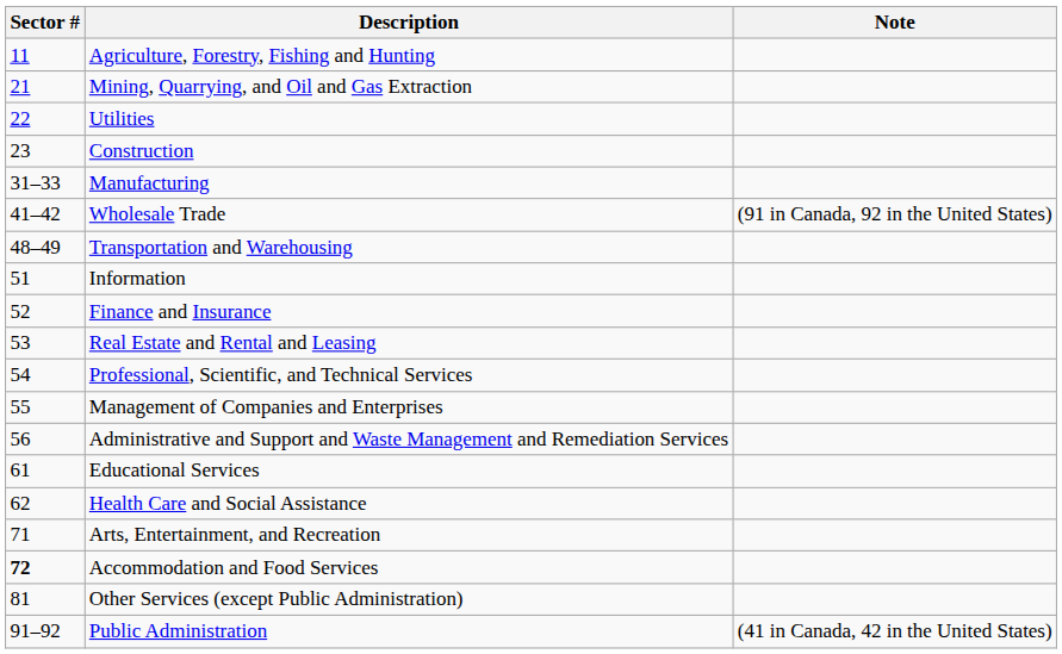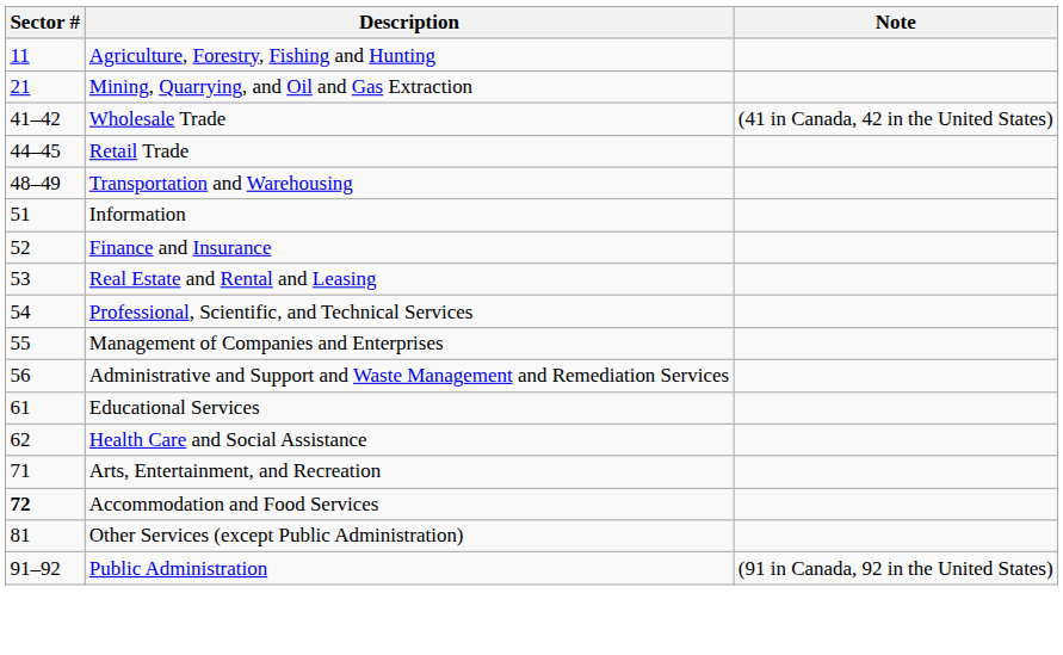 <table class="wikitable" style="display: inline-table;">
 <tr>
 <th>Sector #</th>
 <th>Description</th>
 <th>Note</th>
 </tr>
 <tr>
 <td><a href='#'>11</a></td>
 <td><a href='#'>Agriculture</a>, <a href='#'>Forestry</a>, <a href='#'>Fishing</a> and <a href='#'>Hunting</a></td>
 <td></td>
 </tr>
 <tr>
 <td><a href='#'>21</a></td>
 <td><a href='#'>Mining</a>, <a href='#'>Quarrying</a>, and <a href='#'>Oil</a> and <a href='#'>Gas</a> Extraction</td>
 <td></td>
 </tr>
 <tr>
-<td><a href='#'>22</a></td>
-<td><a href='#'>Utilities</a></td>
-<td></td>
+<td>41–42</td>
+<td><a href='#'>Wholesale</a> Trade</td>
+<td>(41 in Canada, 42 in the United States)</td>
 </tr>
 <tr>
-<td>23</td>
-<td><a href='#'>Construction</a></td>
+<td>44–45</td>
+<td><a href='#'>Retail</a> Trade</td>
 <td></td>
-</tr>
-<tr>
-<td>31–33</td>
-<td><a href='#'>Manufacturing</a></td>
-<td></td>
-</tr>
-<tr>
-<td>41–42</td>
-<td><a href='#'>Wholesale</a> Trade</td>
-<td>(91 in Canada, 92 in the United States)</td>
 </tr>
 <tr>
 <td>48–49</td>
 <td><a href='#'>Transportation</a> and <a href='#'>Warehousing</a></td>
 <td></td>
 </tr>
 <tr>
 <td>51</td>
 <td>Information</td>
 <td></td>
 </tr>
 <tr>
 <td>52</td>
 <td><a href='#'>Finance</a> and <a href='#'>Insurance</a></td>
 <td></td>
 </tr>
 <tr>
 <td>53</td>
 <td><a href='#'>Real Estate</a> and <a href='#'>Rental</a> and <a href='#'>Leasing</a></td>
 <td></td>
 </tr>
 <tr>
 <td>54</td>
 <td><a href='#'>Professional</a>, Scientific, and Technical Services</td>
 <td></td>
 </tr>
 <tr>
 <td>55</td>
 <td>Management of Companies and Enterprises</td>
 <td></td>
 </tr>
 <tr>
 <td>56</td>
 <td>Administrative and Support and <a href='#'>Waste Management</a> and Remediation Services</td>
 <td></td>
 </tr>
 <tr>
 <td>61</td>
 <td>Educational Services</td>
 <td></td>
 </tr>
 <tr>
 <td>62</td>
 <td><a href='#'>Health Care</a> and Social Assistance</td>
 <td></td>
 </tr>
 <tr>
 <td>71</td>
 <td>Arts, Entertainment, and Recreation</td>
 <td></td>
 </tr>
 <tr>
 <td><strong>72</strong></td>
 <td>Accommodation and Food Services</td>
 <td></td>
 </tr>
 <tr>
 <td>81</td>
 <td>Other Services (except Public Administration)</td>
 <td></td>
 </tr>
 <tr>
 <td>91–92</td>
 <td><a href='#'>Public Administration</a></td>
-<td>(41 in Canada, 42 in the United States)</td>
+<td>(91 in Canada, 92 in the United States)</td>
 </tr>
 </table>
